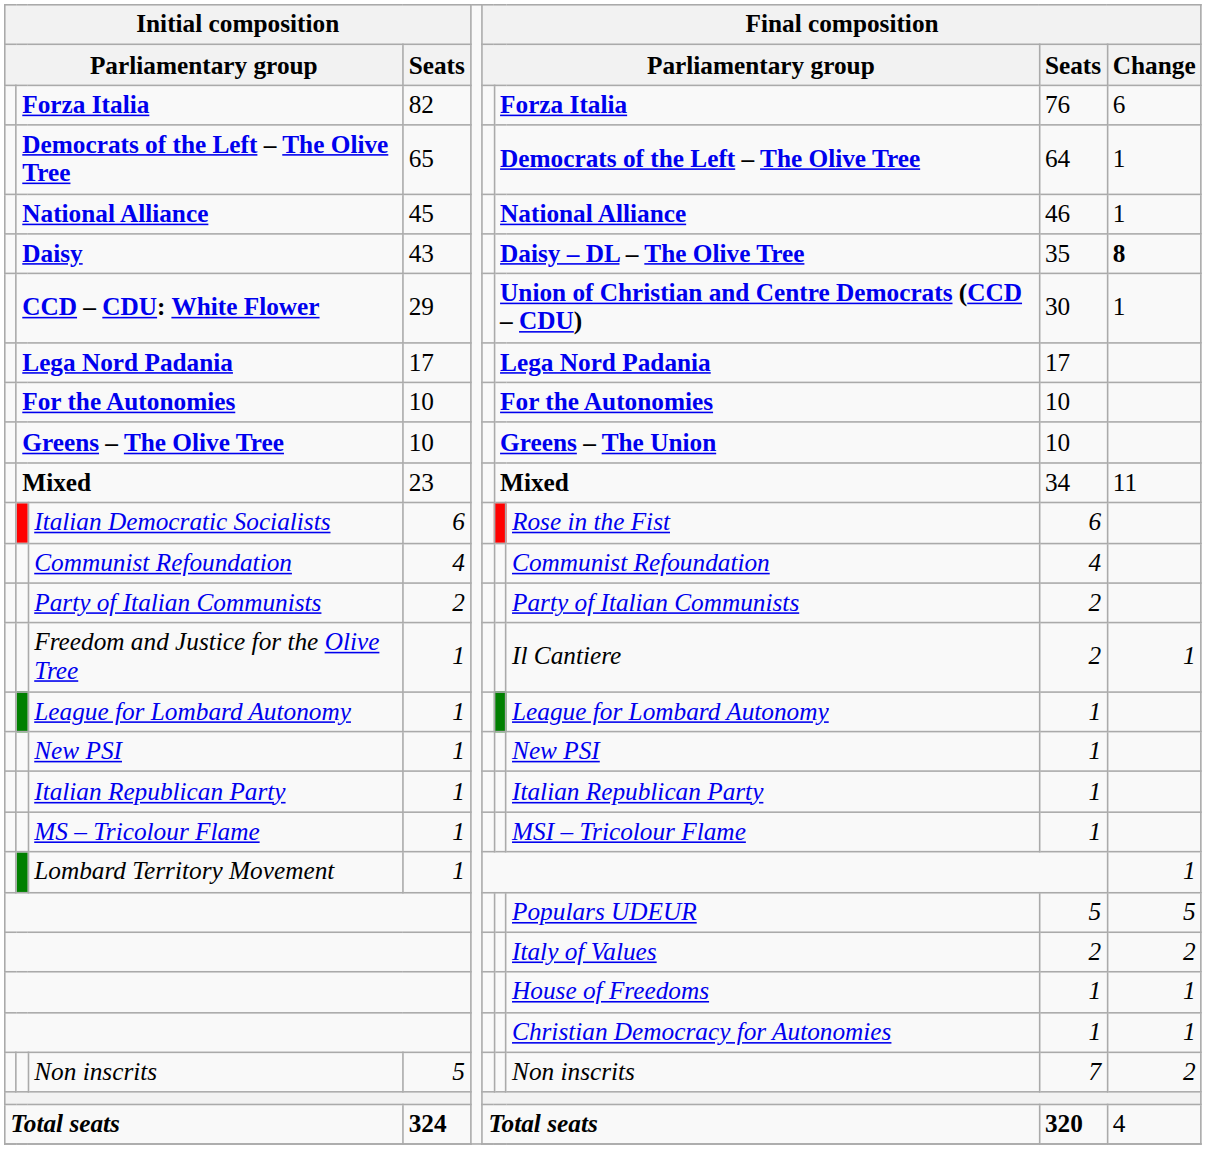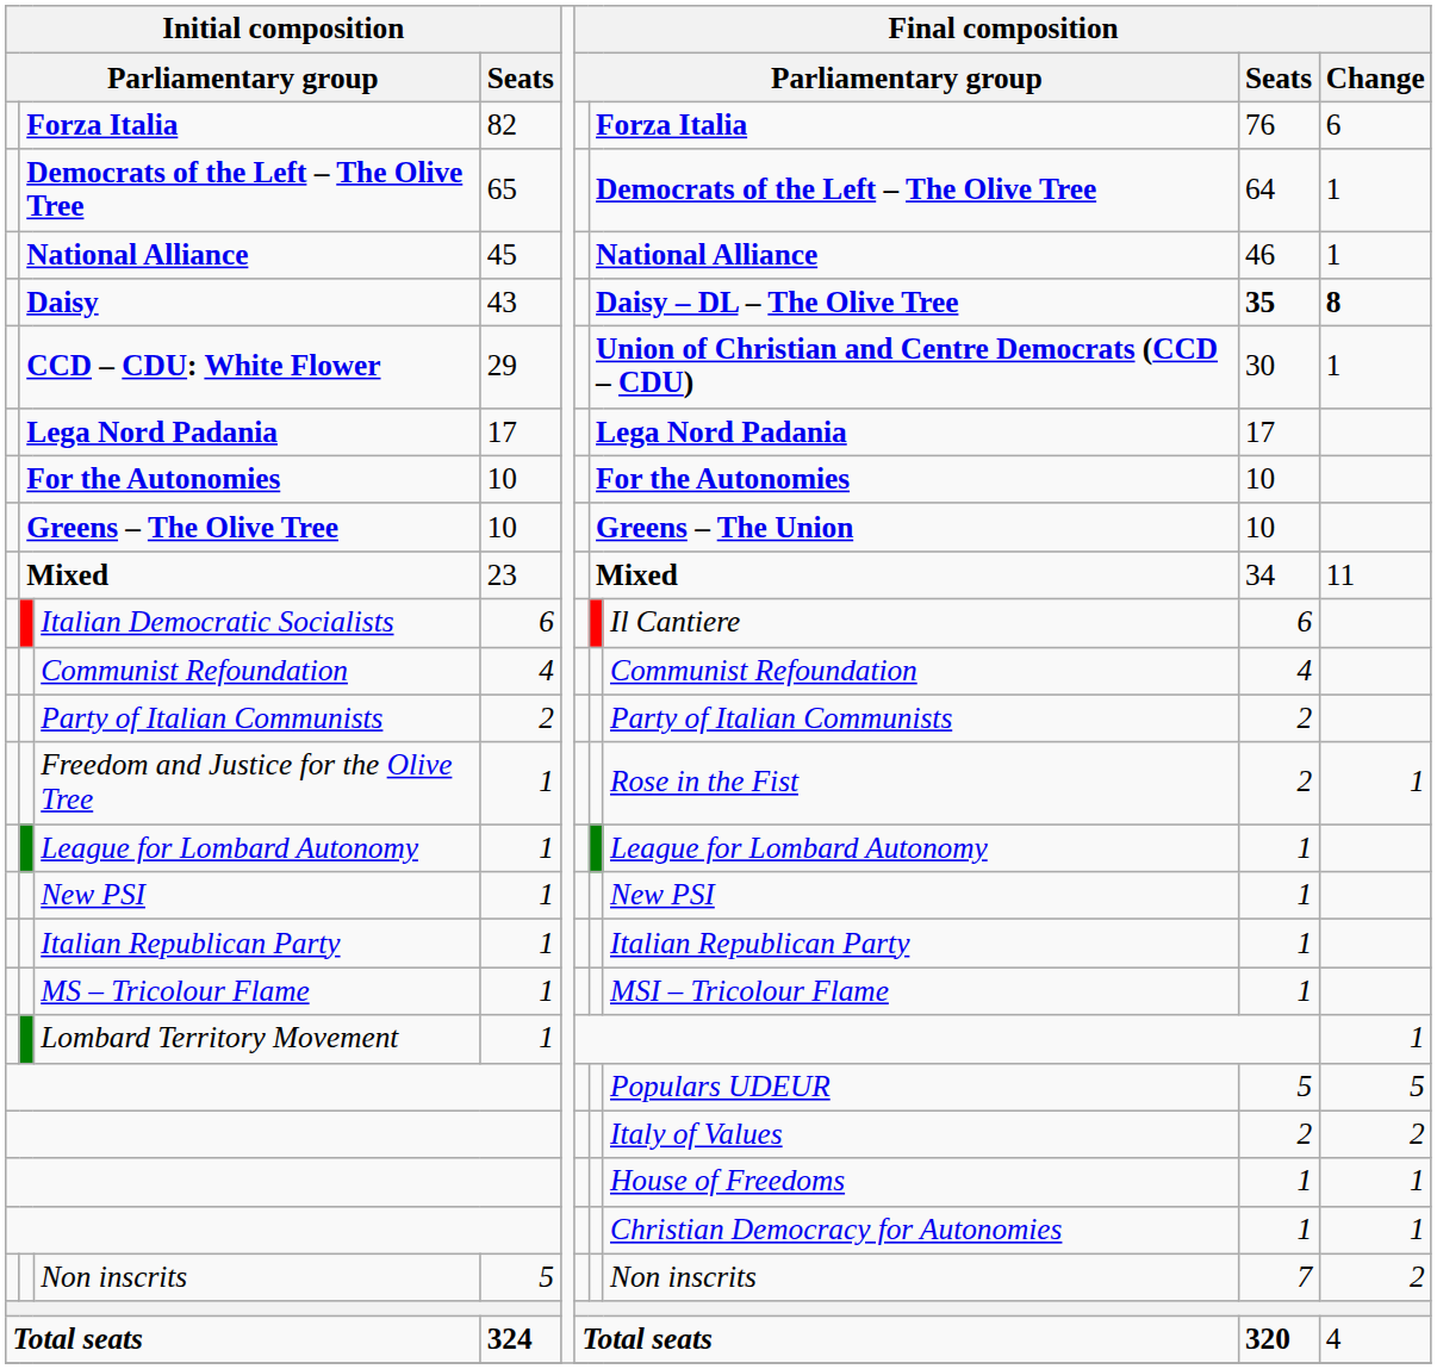 <table class="wikitable" style="width : 60%;">
 <tr>
 <th colspan="4">Initial composition</th>
 <td rowspan="32" style="width : 1%;"></td>
 <th colspan="5">Final composition</th>
 </tr>
 <tr>
 <th colspan="3">Parliamentary group</th>
 <th>Seats</th>
 <th colspan="3">Parliamentary group</th>
 <th>Seats</th>
 <th>Change</th>
 </tr>
 <tr>
 <td></td>
 <td colspan = "2"><strong><a href='#'>Forza Italia</a></strong></td>
 <td>82</td>
 <td></td>
 <td colspan = "2"><strong><a href='#'>Forza Italia</a></strong></td>
 <td>76</td>
 <td> 6</td>
 </tr>
 <tr>
 <td></td>
 <td colspan = "2"><strong><a href='#'>Democrats of the Left</a> – <a href='#'>The Olive Tree</a></strong></td>
 <td>65</td>
 <td></td>
 <td colspan = "2"><strong><a href='#'>Democrats of the Left</a> – <a href='#'>The Olive Tree</a></strong></td>
 <td>64</td>
 <td> 1</td>
 </tr>
 <tr>
 <td></td>
 <td colspan = "2"><strong><a href='#'>National Alliance</a></strong></td>
 <td>45</td>
 <td></td>
 <td colspan = "2"><strong><a href='#'>National Alliance</a></strong></td>
 <td>46</td>
 <td> 1</td>
 </tr>
 <tr>
 <td></td>
 <td colspan = "2"><strong><a href='#'>Daisy</a></strong></td>
 <td>43</td>
 <td></td>
 <td colspan = "2"><strong><a href='#'>Daisy – DL</a> – <a href='#'>The Olive Tree</a></strong></td>
-<td>35</td>
+<td><strong>35</strong></td>
 <td><strong> 8</strong></td>
 </tr>
 <tr>
 <td></td>
 <td colspan = "2"><strong><a href='#'>CCD</a> – <a href='#'>CDU</a>: <a href='#'>White Flower</a></strong></td>
 <td>29</td>
 <td></td>
 <td colspan = "2"><strong><a href='#'>Union of Christian and Centre Democrats</a> (<a href='#'>CCD</a> – <a href='#'>CDU</a>)</strong></td>
 <td>30</td>
 <td> 1</td>
 </tr>
 <tr>
 <td></td>
 <td colspan = "2"><strong><a href='#'>Lega Nord Padania</a></strong></td>
 <td>17</td>
 <td></td>
 <td colspan = "2"><strong><a href='#'>Lega Nord Padania</a></strong></td>
 <td>17</td>
 <td></td>
 </tr>
 <tr>
 <td></td>
 <td colspan = "2"><strong><a href='#'>For the Autonomies</a></strong></td>
 <td>10</td>
 <td></td>
 <td colspan = "2"><strong><a href='#'>For the Autonomies</a></strong></td>
 <td>10</td>
 <td></td>
 </tr>
 <tr>
 <td></td>
 <td colspan = "2"><strong><a href='#'>Greens</a> – <a href='#'>The Olive Tree</a></strong></td>
 <td>10</td>
 <td></td>
 <td colspan = "2"><strong><a href='#'>Greens</a> – <a href='#'>The Union</a></strong></td>
 <td>10</td>
 <td></td>
 </tr>
 <tr>
 <td></td>
 <td colspan = "2"><strong>Mixed</strong></td>
 <td>23</td>
 <td></td>
 <td colspan = "2"><strong>Mixed</strong></td>
 <td>34</td>
 <td> 11</td>
 </tr>
 <tr>
 <td></td>
 <td bgcolor="red" width=1%></td>
 <td><em><a href='#'>Italian Democratic Socialists</a></em></td>
 <td align="right"><em>6</em></td>
 <td></td>
 <td bgcolor="red" width=1%></td>
-<td><em><a href='#'>Rose in the Fist</a></em></td>
+<td><em>Il Cantiere</em></td>
 <td align="right"><em>6</em></td>
 <td align="right"></td>
 </tr>
 <tr>
 <td></td>
 <td></td>
 <td><em><a href='#'>Communist Refoundation</a></em></td>
 <td align="right"><em>4</em></td>
 <td></td>
 <td></td>
 <td><em><a href='#'>Communist Refoundation</a></em></td>
 <td align="right"><em>4</em></td>
 <td align="right"></td>
 </tr>
 <tr>
 <td></td>
 <td></td>
 <td><em><a href='#'>Party of Italian Communists</a></em></td>
 <td align="right"><em>2</em></td>
 <td></td>
 <td></td>
 <td><em><a href='#'>Party of Italian Communists</a></em></td>
 <td align="right"><em>2</em></td>
 <td align="right"></td>
 </tr>
 <tr>
 <td></td>
 <td></td>
 <td><em>Freedom and Justice for the <a href='#'>Olive Tree</a></em></td>
 <td align="right"><em>1</em></td>
 <td></td>
 <td></td>
-<td><em>Il Cantiere</em></td>
+<td><em><a href='#'>Rose in the Fist</a></em></td>
 <td align="right"><em>2</em></td>
 <td align="right"> <em>1</em></td>
 </tr>
 <tr>
 <td></td>
 <td bgcolor="green" width=1%></td>
 <td><em><a href='#'>League for Lombard Autonomy</a></em></td>
 <td align="right"><em>1</em></td>
 <td></td>
 <td bgcolor="green" width=1%></td>
 <td><em><a href='#'>League for Lombard Autonomy</a></em></td>
 <td align="right"><em>1</em></td>
 <td align="right"></td>
 </tr>
 <tr>
 <td></td>
 <td></td>
 <td><em><a href='#'>New PSI</a></em></td>
 <td align="right"><em>1</em></td>
 <td></td>
 <td></td>
 <td><em><a href='#'>New PSI</a></em></td>
 <td align="right"><em>1</em></td>
 <td align="right"></td>
 </tr>
 <tr>
 <td></td>
 <td></td>
 <td><em><a href='#'>Italian Republican Party</a></em></td>
 <td align="right"><em>1</em></td>
 <td></td>
 <td></td>
 <td><em><a href='#'>Italian Republican Party</a></em></td>
 <td align="right"><em>1</em></td>
 <td align="right"></td>
 </tr>
 <tr>
 <td></td>
 <td></td>
 <td><em><a href='#'>MS – Tricolour Flame</a></em></td>
 <td align="right"><em>1</em></td>
 <td></td>
 <td></td>
 <td><em><a href='#'>MSI – Tricolour Flame</a></em></td>
 <td align="right"><em>1</em></td>
 <td align="right"></td>
 </tr>
 <tr>
 <td></td>
 <td bgcolor="green" width=1%></td>
 <td><em>Lombard Territory Movement</em></td>
 <td align="right"><em>1</em></td>
 <td colspan="4"></td>
 <td align="right"> <em>1</em></td>
 </tr>
 <tr>
 <td colspan="4"></td>
 <td></td>
 <td></td>
 <td><em><a href='#'>Populars UDEUR</a></em></td>
 <td align="right"><em>5</em></td>
 <td align="right"> <em>5</em></td>
 </tr>
 <tr>
 <td colspan="4"></td>
 <td></td>
 <td></td>
 <td><em><a href='#'>Italy of Values</a></em></td>
 <td align="right"><em>2</em></td>
 <td align="right"> <em>2</em></td>
 </tr>
 <tr>
 <td colspan="4"></td>
 <td></td>
 <td></td>
 <td><em><a href='#'>House of Freedoms</a></em></td>
 <td align="right"><em>1</em></td>
 <td align="right"> <em>1</em></td>
 </tr>
 <tr>
 <td colspan="4"></td>
 <td></td>
 <td></td>
 <td><em><a href='#'>Christian Democracy for Autonomies</a></em></td>
 <td align="right"><em>1</em></td>
 <td align="right"> <em>1</em></td>
 </tr>
 <tr>
 <td></td>
 <td></td>
 <td><em>Non inscrits</em></td>
 <td align="right"><em>5</em></td>
 <td></td>
 <td></td>
 <td><em>Non inscrits</em></td>
 <td align="right"><em>7</em></td>
 <td align="right"> <em>2</em></td>
 </tr>
 <tr>
 <th colspan="4"></th>
 <th colspan="5"></th>
 </tr>
 <tr>
 <td colspan="3"><strong><em>Total seats</em></strong></td>
 <td><strong>324</strong></td>
 <td colspan="3"><strong><em>Total seats</em></strong></td>
 <td><strong>320</strong></td>
 <td> 4</td>
 </tr>
 <tr>
 </tr>
 </table>
